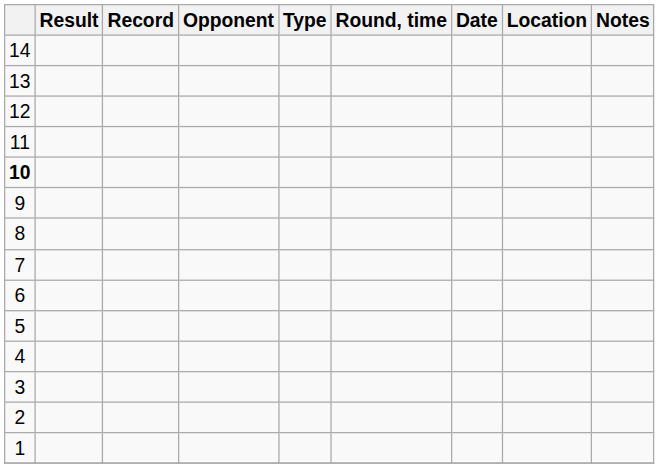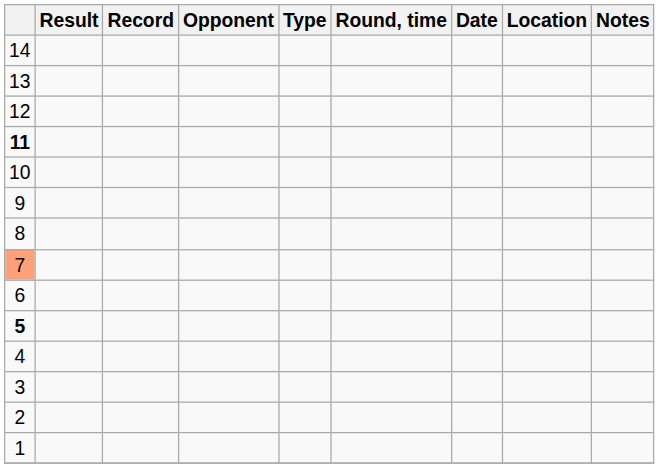 <table class="wikitable" style="text-align:center; font-size:95%">
 <tr>
 <th></th>
 <th>Result</th>
 <th>Record</th>
 <th>Opponent</th>
 <th>Type</th>
 <th>Round, time</th>
 <th>Date</th>
 <th>Location</th>
 <th>Notes</th>
 </tr>
 <tr>
 <td>14</td>
 <td></td>
 <td></td>
 <td style="text-align:left;"></td>
 <td></td>
 <td></td>
 <td></td>
 <td style="text-align:left;"></td>
 <td style="text-align:left;"></td>
 </tr>
 <tr>
 <td>13</td>
 <td></td>
 <td></td>
 <td style="text-align:left;"></td>
 <td></td>
 <td></td>
 <td></td>
 <td style="text-align:left;"></td>
 <td style="text-align:left;"></td>
 </tr>
 <tr>
 <td>12</td>
 <td></td>
 <td></td>
 <td style="text-align:left;"></td>
 <td></td>
 <td></td>
 <td></td>
 <td style="text-align:left;"></td>
 <td style="text-align:left;"></td>
 </tr>
 <tr>
-<td>11</td>
+<td><strong>11</strong></td>
 <td></td>
 <td></td>
 <td style="text-align:left;"></td>
 <td></td>
 <td></td>
 <td></td>
 <td style="text-align:left;"></td>
 <td style="text-align:left;"></td>
 </tr>
 <tr>
-<td><strong>10</strong></td>
+<td>10</td>
 <td></td>
 <td></td>
 <td style="text-align:left;"></td>
 <td></td>
 <td></td>
 <td></td>
 <td style="text-align:left;"></td>
 <td style="text-align:left;"></td>
 </tr>
 <tr>
 <td>9</td>
 <td></td>
 <td></td>
 <td style="text-align:left;"></td>
 <td></td>
 <td></td>
 <td></td>
 <td style="text-align:left;"></td>
 <td style="text-align:left;"></td>
 </tr>
 <tr>
 <td>8</td>
 <td></td>
 <td></td>
 <td style="text-align:left;"></td>
 <td></td>
 <td></td>
 <td></td>
 <td style="text-align:left;"></td>
 <td style="text-align:left;"></td>
 </tr>
 <tr>
-<td>7</td>
+<td style="background: lightsalmon;">7</td>
 <td></td>
 <td></td>
 <td style="text-align:left;"></td>
 <td></td>
 <td></td>
 <td></td>
 <td style="text-align:left;"></td>
 <td style="text-align:left;"></td>
 </tr>
 <tr>
 <td>6</td>
 <td></td>
 <td></td>
 <td style="text-align:left;"></td>
 <td></td>
 <td></td>
 <td></td>
 <td style="text-align:left;"></td>
 <td style="text-align:left;"></td>
 </tr>
 <tr>
-<td>5</td>
+<td><strong>5</strong></td>
 <td></td>
 <td></td>
 <td style="text-align:left;"></td>
 <td></td>
 <td></td>
 <td></td>
 <td style="text-align:left;"></td>
 <td style="text-align:left;"></td>
 </tr>
 <tr>
 <td>4</td>
 <td></td>
 <td></td>
 <td style="text-align:left;"></td>
 <td></td>
 <td></td>
 <td></td>
 <td style="text-align:left;"></td>
 <td style="text-align:left;"></td>
 </tr>
 <tr>
 <td>3</td>
 <td></td>
 <td></td>
 <td style="text-align:left;"></td>
 <td></td>
 <td></td>
 <td></td>
 <td style="text-align:left;"></td>
 <td style="text-align:left;"></td>
 </tr>
 <tr>
 <td>2</td>
 <td></td>
 <td></td>
 <td style="text-align:left;"></td>
 <td></td>
 <td></td>
 <td></td>
 <td style="text-align:left;"></td>
 <td style="text-align:left;"></td>
 </tr>
 <tr>
 <td>1</td>
 <td></td>
 <td></td>
 <td style="text-align:left;"></td>
 <td></td>
 <td></td>
 <td></td>
 <td style="text-align:left;"></td>
 <td style="text-align:left;"></td>
 </tr>
 <tr>
 </tr>
 </table>
